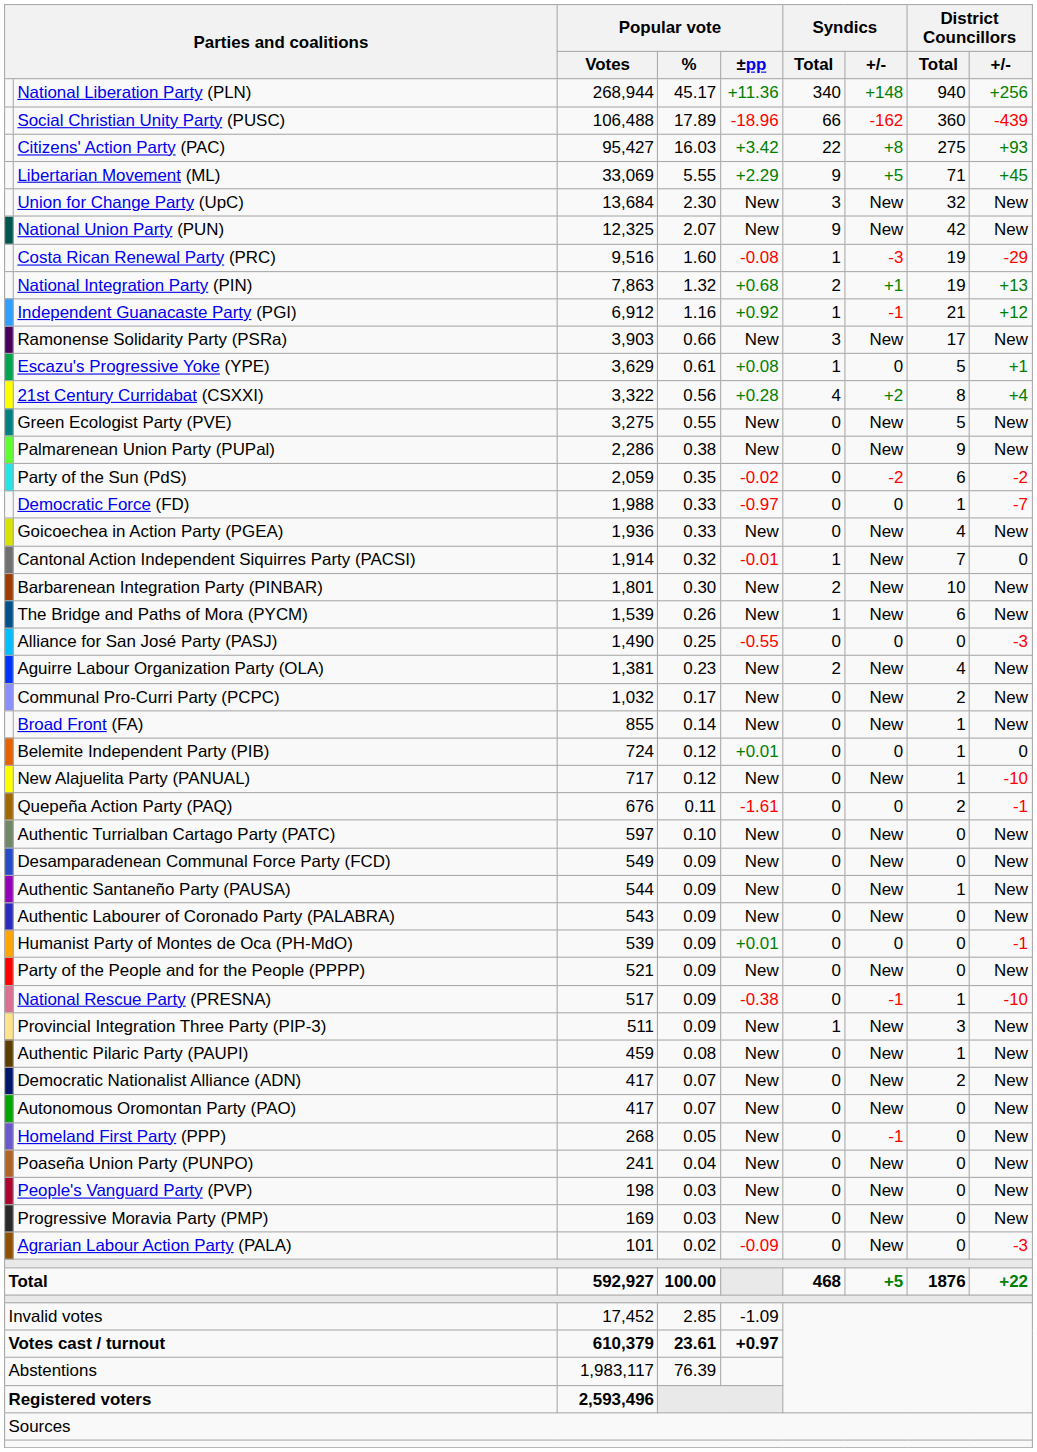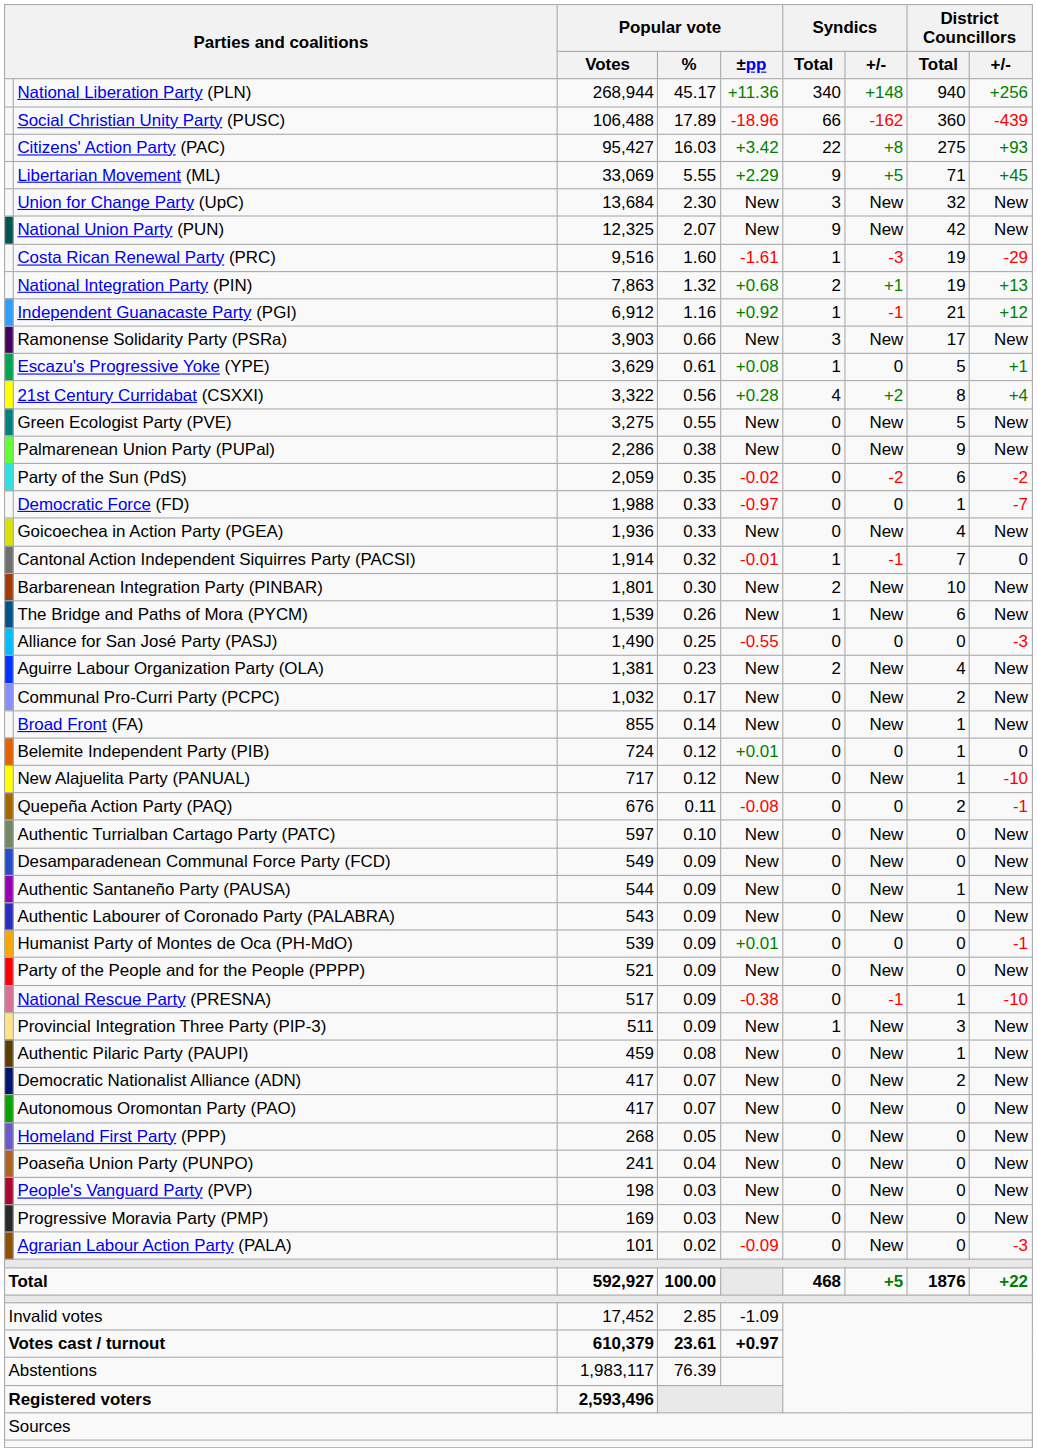 <table class="wikitable" style="text-align:right; font-size:97%;">
 <tr>
 <th style="text-align:centre;" rowspan="2" colspan="2" width="500">Parties and coalitions</th>
 <th colspan="3">Popular vote</th>
 <th colspan="2">Syndics</th>
 <th colspan="2">District Councillors</th>
 </tr>
 <tr>
 <th width="85">Votes</th>
 <th width="50">%</th>
 <th width="50">±<a href='#'>pp</a></th>
 <th width="50">Total</th>
 <th width="50">+/-</th>
 <th width="50">Total</th>
 <th width="50">+/-</th>
 </tr>
 <tr>
 <td style="color:inherit;background:"></td>
 <td align="left"><a href='#'>National Liberation Party</a> (PLN)</td>
 <td>268,944</td>
 <td>45.17</td>
 <td style="color:green;">+11.36</td>
 <td>340</td>
 <td style="color:green;">+148</td>
 <td>940</td>
 <td style="color:green;">+256</td>
 </tr>
 <tr>
 <td style="color:inherit;background:"></td>
 <td align="left"><a href='#'>Social Christian Unity Party</a> (PUSC)</td>
 <td>106,488</td>
 <td>17.89</td>
 <td style="color:red;">-18.96</td>
 <td>66</td>
 <td style="color:red;">-162</td>
 <td>360</td>
 <td style="color:red;">-439</td>
 </tr>
 <tr>
 <td style="color:inherit;background:"></td>
 <td align="left"><a href='#'>Citizens' Action Party</a> (PAC)</td>
 <td>95,427</td>
 <td>16.03</td>
 <td style="color:green;">+3.42</td>
 <td>22</td>
 <td style="color:green;">+8</td>
 <td>275</td>
 <td style="color:green;">+93</td>
 </tr>
 <tr>
 <td style="color:inherit;background:"></td>
 <td align="left"><a href='#'>Libertarian Movement</a> (ML)</td>
 <td>33,069</td>
 <td>5.55</td>
 <td style="color:green;">+2.29</td>
 <td>9</td>
 <td style="color:green;">+5</td>
 <td>71</td>
 <td style="color:green;">+45</td>
 </tr>
 <tr>
 <td style="color:inherit;background:"></td>
 <td align="left"><a href='#'>Union for Change Party</a> (UpC)</td>
 <td>13,684</td>
 <td>2.30</td>
 <td>New</td>
 <td>3</td>
 <td>New</td>
 <td>32</td>
 <td>New</td>
 </tr>
 <tr>
 <td style="color:inherit;background:#00554E"></td>
 <td align="left"><a href='#'>National Union Party</a> (PUN)</td>
 <td>12,325</td>
 <td>2.07</td>
 <td>New</td>
 <td>9</td>
 <td>New</td>
 <td>42</td>
 <td>New</td>
 </tr>
 <tr>
 <td style="color:inherit;background:"></td>
 <td align="left"><a href='#'>Costa Rican Renewal Party</a> (PRC)</td>
 <td>9,516</td>
 <td>1.60</td>
-<td style="color:red;">-0.08</td>
+<td style="color:red;">-1.61</td>
 <td>1</td>
 <td style="color:red;">-3</td>
 <td>19</td>
 <td style="color:red;">-29</td>
 </tr>
 <tr>
 <td style="color:inherit;background:"></td>
 <td align="left"><a href='#'>National Integration Party</a> (PIN)</td>
 <td>7,863</td>
 <td>1.32</td>
 <td style="color:green;">+0.68</td>
 <td>2</td>
 <td style="color:green;">+1</td>
 <td>19</td>
 <td style="color:green;">+13</td>
 </tr>
 <tr>
 <td style="color:inherit;background:#2E9EFF"></td>
 <td align="left"><a href='#'>Independent Guanacaste Party</a> (PGI)</td>
 <td>6,912</td>
 <td>1.16</td>
 <td style="color:green;">+0.92</td>
 <td>1</td>
 <td style="color:red;">-1</td>
 <td>21</td>
 <td style="color:green;">+12</td>
 </tr>
 <tr>
 <td style="color:inherit;background:#49005C"></td>
 <td align="left">Ramonense Solidarity Party (PSRa)</td>
 <td>3,903</td>
 <td>0.66</td>
 <td>New</td>
 <td>3</td>
 <td>New</td>
 <td>17</td>
 <td>New</td>
 </tr>
 <tr>
 <td style="color:inherit;background:#00A550"></td>
 <td align="left"><a href='#'>Escazu's Progressive Yoke</a> (YPE)</td>
 <td>3,629</td>
 <td>0.61</td>
 <td style="color:green;">+0.08</td>
 <td>1</td>
 <td>0</td>
 <td>5</td>
 <td style="color:green;">+1</td>
 </tr>
 <tr>
 <td style="color:inherit;background:#ffff00"></td>
 <td align="left"><a href='#'>21st Century Curridabat</a> (CSXXI)</td>
 <td>3,322</td>
 <td>0.56</td>
 <td style="color:green;">+0.28</td>
 <td>4</td>
 <td style="color:green;">+2</td>
 <td>8</td>
 <td style="color:green;">+4</td>
 </tr>
 <tr>
 <td style="color:inherit;background:#008080"></td>
 <td align="left">Green Ecologist Party (PVE)</td>
 <td>3,275</td>
 <td>0.55</td>
 <td>New</td>
 <td>0</td>
 <td>New</td>
 <td>5</td>
 <td>New</td>
 </tr>
 <tr>
 <td style="color:inherit;background:#5DFF2E"></td>
 <td align="left">Palmarenean Union Party (PUPal)</td>
 <td>2,286</td>
 <td>0.38</td>
 <td>New</td>
 <td>0</td>
 <td>New</td>
 <td>9</td>
 <td>New</td>
 </tr>
 <tr>
 <td style="color:inherit;background:#27E3E5"></td>
 <td align="left">Party of the Sun (PdS)</td>
 <td>2,059</td>
 <td>0.35</td>
 <td style="color:red;">-0.02</td>
 <td>0</td>
 <td style="color:red;">-2</td>
 <td>6</td>
 <td style="color:red;">-2</td>
 </tr>
 <tr>
 <td style="color:inherit;background:"></td>
 <td align="left"><a href='#'>Democratic Force</a> (FD)</td>
 <td>1,988</td>
 <td>0.33</td>
 <td style="color:red;">-0.97</td>
 <td>0</td>
 <td>0</td>
 <td>1</td>
 <td style="color:red;">-7</td>
 </tr>
 <tr>
 <td style="color:inherit;background:#d8e300"></td>
 <td align="left">Goicoechea in Action Party (PGEA)</td>
 <td>1,936</td>
 <td>0.33</td>
 <td>New</td>
 <td>0</td>
 <td>New</td>
 <td>4</td>
 <td>New</td>
 </tr>
 <tr>
 <td style="color:inherit;background:#707070"></td>
 <td align="left">Cantonal Action Independent Siquirres Party (PACSI)</td>
 <td>1,914</td>
 <td>0.32</td>
 <td style="color:red;">-0.01</td>
 <td>1</td>
-<td>New</td>
+<td style="color:red;">-1</td>
 <td>7</td>
 <td>0</td>
 </tr>
 <tr>
 <td style="color:inherit;background:#A23B00"></td>
 <td align="left">Barbarenean Integration Party (PINBAR)</td>
 <td>1,801</td>
 <td>0.30</td>
 <td>New</td>
 <td>2</td>
 <td>New</td>
 <td>10</td>
 <td>New</td>
 </tr>
 <tr>
 <td style="color:inherit;background:#00528B"></td>
 <td align="left">The Bridge and Paths of Mora (PYCM)</td>
 <td>1,539</td>
 <td>0.26</td>
 <td>New</td>
 <td>1</td>
 <td>New</td>
 <td>6</td>
 <td>New</td>
 </tr>
 <tr>
 <td style="color:inherit;background:#00BFFF"></td>
 <td align="left">Alliance for San José Party (PASJ)</td>
 <td>1,490</td>
 <td>0.25</td>
 <td style="color:red;">-0.55</td>
 <td>0</td>
 <td>0</td>
 <td>0</td>
 <td style="color:red;">-3</td>
 </tr>
 <tr>
 <td style="color:inherit;background:#0033FF"></td>
 <td align="left">Aguirre Labour Organization Party (OLA)</td>
 <td>1,381</td>
 <td>0.23</td>
 <td>New</td>
 <td>2</td>
 <td>New</td>
 <td>4</td>
 <td>New</td>
 </tr>
 <tr>
 <td style="color:inherit;background:#8B8EFF"></td>
 <td align="left">Communal Pro-Curri Party (PCPC)</td>
 <td>1,032</td>
 <td>0.17</td>
 <td>New</td>
 <td>0</td>
 <td>New</td>
 <td>2</td>
 <td>New</td>
 </tr>
 <tr>
 <td style="color:inherit;background:"></td>
 <td align="left"><a href='#'>Broad Front</a> (FA)</td>
 <td>855</td>
 <td>0.14</td>
 <td>New</td>
 <td>0</td>
 <td>New</td>
 <td>1</td>
 <td>New</td>
 </tr>
 <tr>
 <td style="color:inherit;background:#E76100"></td>
 <td align="left">Belemite Independent Party (PIB)</td>
 <td>724</td>
 <td>0.12</td>
 <td style="color:green;">+0.01</td>
 <td>0</td>
 <td>0</td>
 <td>1</td>
 <td>0</td>
 </tr>
 <tr>
 <td bgcolor="yellow"></td>
 <td align="left">New Alajuelita Party (PANUAL)</td>
 <td>717</td>
 <td>0.12</td>
 <td>New</td>
 <td>0</td>
 <td>New</td>
 <td>1</td>
 <td style="color:red;">-10</td>
 </tr>
 <tr>
 <td style="color:inherit;background:#A26900"></td>
 <td align="left">Quepeña Action Party (PAQ)</td>
 <td>676</td>
 <td>0.11</td>
-<td style="color:red;">-1.61</td>
+<td style="color:red;">-0.08</td>
 <td>0</td>
 <td>0</td>
 <td>2</td>
 <td style="color:red;">-1</td>
 </tr>
 <tr>
 <td style="color:inherit;background:#728765"></td>
 <td align="left">Authentic Turrialban Cartago Party (PATC)</td>
 <td>597</td>
 <td>0.10</td>
 <td>New</td>
 <td>0</td>
 <td>New</td>
 <td>0</td>
 <td>New</td>
 </tr>
 <tr>
 <td style="color:inherit;background:#264CC9"></td>
 <td align="left">Desamparadenean Communal Force Party (FCD)</td>
 <td>549</td>
 <td>0.09</td>
 <td>New</td>
 <td>0</td>
 <td>New</td>
 <td>0</td>
 <td>New</td>
 </tr>
 <tr>
 <td style="color:inherit;background:#9700B9"></td>
 <td align="left">Authentic Santaneño Party (PAUSA)</td>
 <td>544</td>
 <td>0.09</td>
 <td>New</td>
 <td>0</td>
 <td>New</td>
 <td>1</td>
 <td>New</td>
 </tr>
 <tr>
 <td style="color:inherit;background:#2A2CC1"></td>
 <td align="left">Authentic Labourer of Coronado Party (PALABRA)</td>
 <td>543</td>
 <td>0.09</td>
 <td>New</td>
 <td>0</td>
 <td>New</td>
 <td>0</td>
 <td>New</td>
 </tr>
 <tr>
 <td bgcolor="orange"></td>
 <td align="left">Humanist Party of Montes de Oca (PH-MdO)</td>
 <td>539</td>
 <td>0.09</td>
 <td style="color:green;">+0.01</td>
 <td>0</td>
 <td>0</td>
 <td>0</td>
 <td style="color:red;">-1</td>
 </tr>
 <tr>
 <td bgcolor="red"></td>
 <td align="left">Party of the People and for the People (PPPP)</td>
 <td>521</td>
 <td>0.09</td>
 <td>New</td>
 <td>0</td>
 <td>New</td>
 <td>0</td>
 <td>New</td>
 </tr>
 <tr>
 <td style="color:inherit;background:#DB7093"></td>
 <td align="left"><a href='#'>National Rescue Party</a> (PRESNA)</td>
 <td>517</td>
 <td>0.09</td>
 <td style="color:red;">-0.38</td>
 <td>0</td>
 <td style="color:red;">-1</td>
 <td>1</td>
 <td style="color:red;">-10</td>
 </tr>
 <tr>
 <td style="color:inherit;background:#FFE38B"></td>
 <td align="left">Provincial Integration Three Party (PIP-3)</td>
 <td>511</td>
 <td>0.09</td>
 <td>New</td>
 <td>1</td>
 <td>New</td>
 <td>3</td>
 <td>New</td>
 </tr>
 <tr>
 <td style="color:inherit;background:#5C3E00"></td>
 <td align="left">Authentic Pilaric Party (PAUPI)</td>
 <td>459</td>
 <td>0.08</td>
 <td>New</td>
 <td>0</td>
 <td>New</td>
 <td>1</td>
 <td>New</td>
 </tr>
 <tr>
 <td style="color:inherit;background:#00166E"></td>
 <td align="left">Democratic Nationalist Alliance (ADN)</td>
 <td>417</td>
 <td>0.07</td>
 <td>New</td>
 <td>0</td>
 <td>New</td>
 <td>2</td>
 <td>New</td>
 </tr>
 <tr>
 <td style="color:inherit;background:#03A500"></td>
 <td align="left">Autonomous Oromontan Party (PAO)</td>
 <td>417</td>
 <td>0.07</td>
 <td>New</td>
 <td>0</td>
 <td>New</td>
 <td>0</td>
 <td>New</td>
 </tr>
 <tr>
 <td bgcolor="SlateBlue"></td>
 <td align="left"><a href='#'>Homeland First Party</a> (PPP)</td>
 <td>268</td>
 <td>0.05</td>
 <td>New</td>
 <td>0</td>
-<td style="color:red;">-1</td>
+<td>New</td>
 <td>0</td>
 <td>New</td>
 </tr>
 <tr>
 <td style="color:inherit;background:#B06622"></td>
 <td align="left">Poaseña Union Party (PUNPO)</td>
 <td>241</td>
 <td>0.04</td>
 <td>New</td>
 <td>0</td>
 <td>New</td>
 <td>0</td>
 <td>New</td>
 </tr>
 <tr>
 <td style="color:inherit;background:#AD0430"></td>
 <td align="left"><a href='#'>People's Vanguard Party</a> (PVP)</td>
 <td>198</td>
 <td>0.03</td>
 <td>New</td>
 <td>0</td>
 <td>New</td>
 <td>0</td>
 <td>New</td>
 </tr>
 <tr>
 <td width="1" style="color:inherit;background:#292929"></td>
 <td align="left">Progressive Moravia Party (PMP)</td>
 <td>169</td>
 <td>0.03</td>
 <td>New</td>
 <td>0</td>
 <td>New</td>
 <td>0</td>
 <td>New</td>
 </tr>
 <tr>
 <td style="color:inherit;background:#8f5100"></td>
 <td align="left"><a href='#'>Agrarian Labour Action Party</a> (PALA)</td>
 <td>101</td>
 <td>0.02</td>
 <td style="color:red;">-0.09</td>
 <td>0</td>
 <td>New</td>
 <td>0</td>
 <td style="color:red;">-3</td>
 </tr>
 <tr>
 <td colspan="15" bgcolor="#E9E9E9"></td>
 </tr>
 <tr style="font-weight:bold;">
 <td align="left" colspan="2">Total</td>
 <td>592,927</td>
 <td>100.00</td>
 <td bgcolor="#E9E9E9"></td>
 <td>468</td>
 <td style="color:green;">+5</td>
 <td>1876</td>
 <td style="color:green;">+22</td>
 </tr>
 <tr>
 <td colspan="15" bgcolor="#E9E9E9"></td>
 </tr>
 <tr>
 <td align="left" colspan="2">Invalid votes</td>
 <td>17,452</td>
 <td>2.85</td>
 <td>-1.09</td>
 <td rowspan="4" colspan="4"></td>
 </tr>
 <tr style="font-weight:bold;">
 <td align="left" colspan="2">Votes cast / turnout</td>
 <td>610,379</td>
 <td>23.61</td>
 <td>+0.97</td>
 </tr>
 <tr>
 <td align="left" colspan="2">Abstentions</td>
 <td>1,983,117</td>
 <td>76.39</td>
 <td></td>
 </tr>
 <tr style="font-weight:bold;">
 <td align="left" colspan="2">Registered voters</td>
 <td>2,593,496</td>
 <td bgcolor="#E9E9E9" colspan="2"></td>
 </tr>
 <tr>
 <td align="left" colspan="9">Sources</td>
 </tr>
 <tr>
 <td align="left" colspan="9"></td>
 </tr>
 </table>
